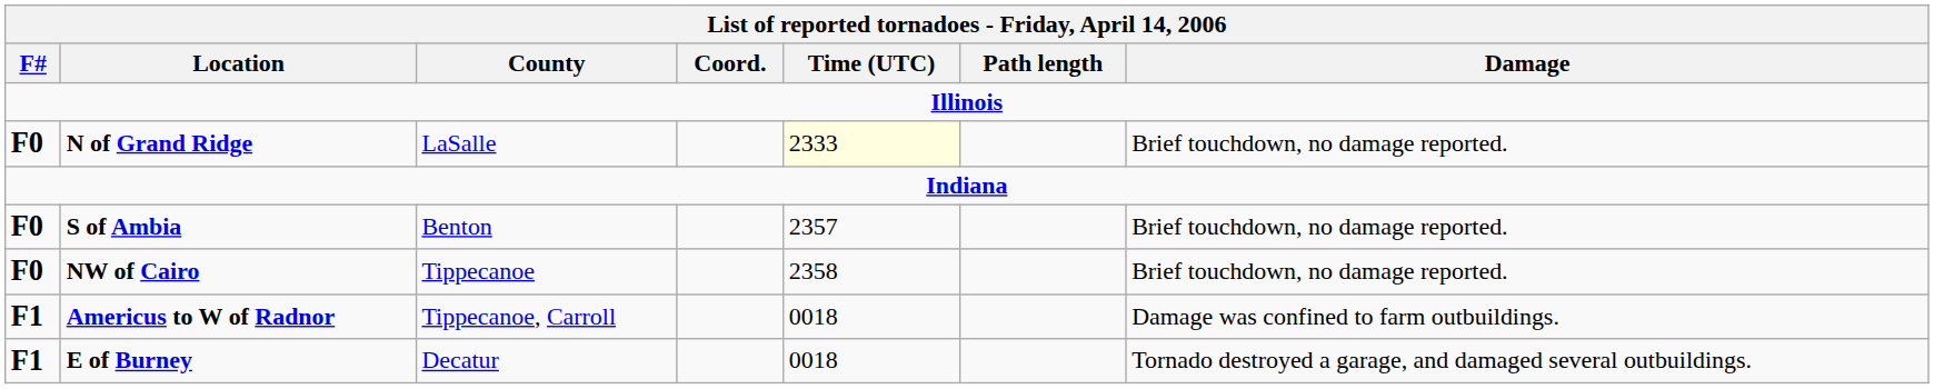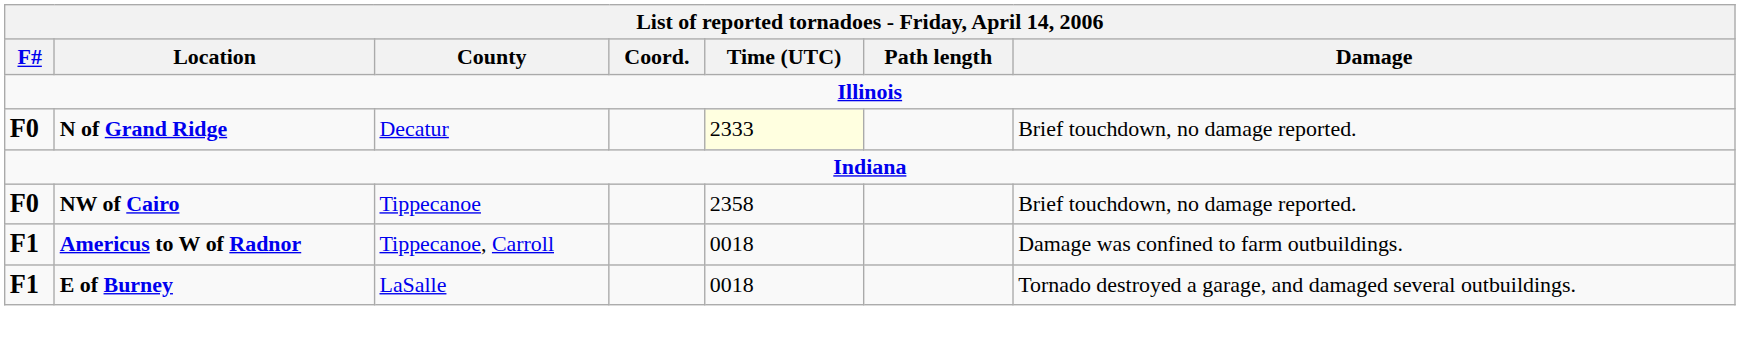 <table class="wikitable collapsible" width="100%">
 <tr>
 <th colspan="7">List of reported tornadoes - Friday, April 14, 2006</th>
 </tr>
 <tr>
 <th><a href='#'>F#</a></th>
 <th>Location</th>
 <th>County</th>
 <th>Coord.</th>
 <th>Time (UTC)</th>
 <th>Path length</th>
 <th>Damage</th>
 </tr>
 <tr>
 <td colspan="7" align=center><strong><a href='#'>Illinois</a></strong></td>
 </tr>
 <tr>
 <td><big><strong>F0</strong></big></td>
 <td><strong>N of <a href='#'>Grand Ridge</a></strong></td>
-<td><a href='#'>LaSalle</a></td>
+<td><a href='#'>Decatur</a></td>
 <td></td>
 <td style="background: lightyellow;">2333</td>
 <td></td>
 <td>Brief touchdown, no damage reported.</td>
 </tr>
 <tr>
 <td colspan="7" align=center><strong><a href='#'>Indiana</a></strong></td>
-</tr>
-<tr>
-<td><big><strong>F0</strong></big></td>
-<td><strong>S of <a href='#'>Ambia</a></strong></td>
-<td><a href='#'>Benton</a></td>
-<td></td>
-<td>2357</td>
-<td></td>
-<td>Brief touchdown, no damage reported.</td>
 </tr>
 <tr>
 <td><big><strong>F0</strong></big></td>
 <td><strong>NW of <a href='#'>Cairo</a></strong></td>
 <td><a href='#'>Tippecanoe</a></td>
 <td></td>
 <td>2358</td>
 <td></td>
 <td>Brief touchdown, no damage reported.</td>
 </tr>
 <tr>
 <td><big><strong>F1</strong></big></td>
 <td><strong><a href='#'>Americus</a> to W of <a href='#'>Radnor</a></strong></td>
 <td><a href='#'>Tippecanoe</a>, <a href='#'>Carroll</a></td>
 <td></td>
 <td>0018</td>
 <td></td>
 <td>Damage was confined to farm outbuildings.</td>
 </tr>
 <tr>
 <td><big><strong>F1</strong></big></td>
 <td><strong>E of <a href='#'>Burney</a></strong></td>
-<td><a href='#'>Decatur</a></td>
+<td><a href='#'>LaSalle</a></td>
 <td></td>
 <td>0018</td>
 <td></td>
 <td>Tornado destroyed a garage, and damaged several outbuildings.</td>
 </tr>
 </table>
